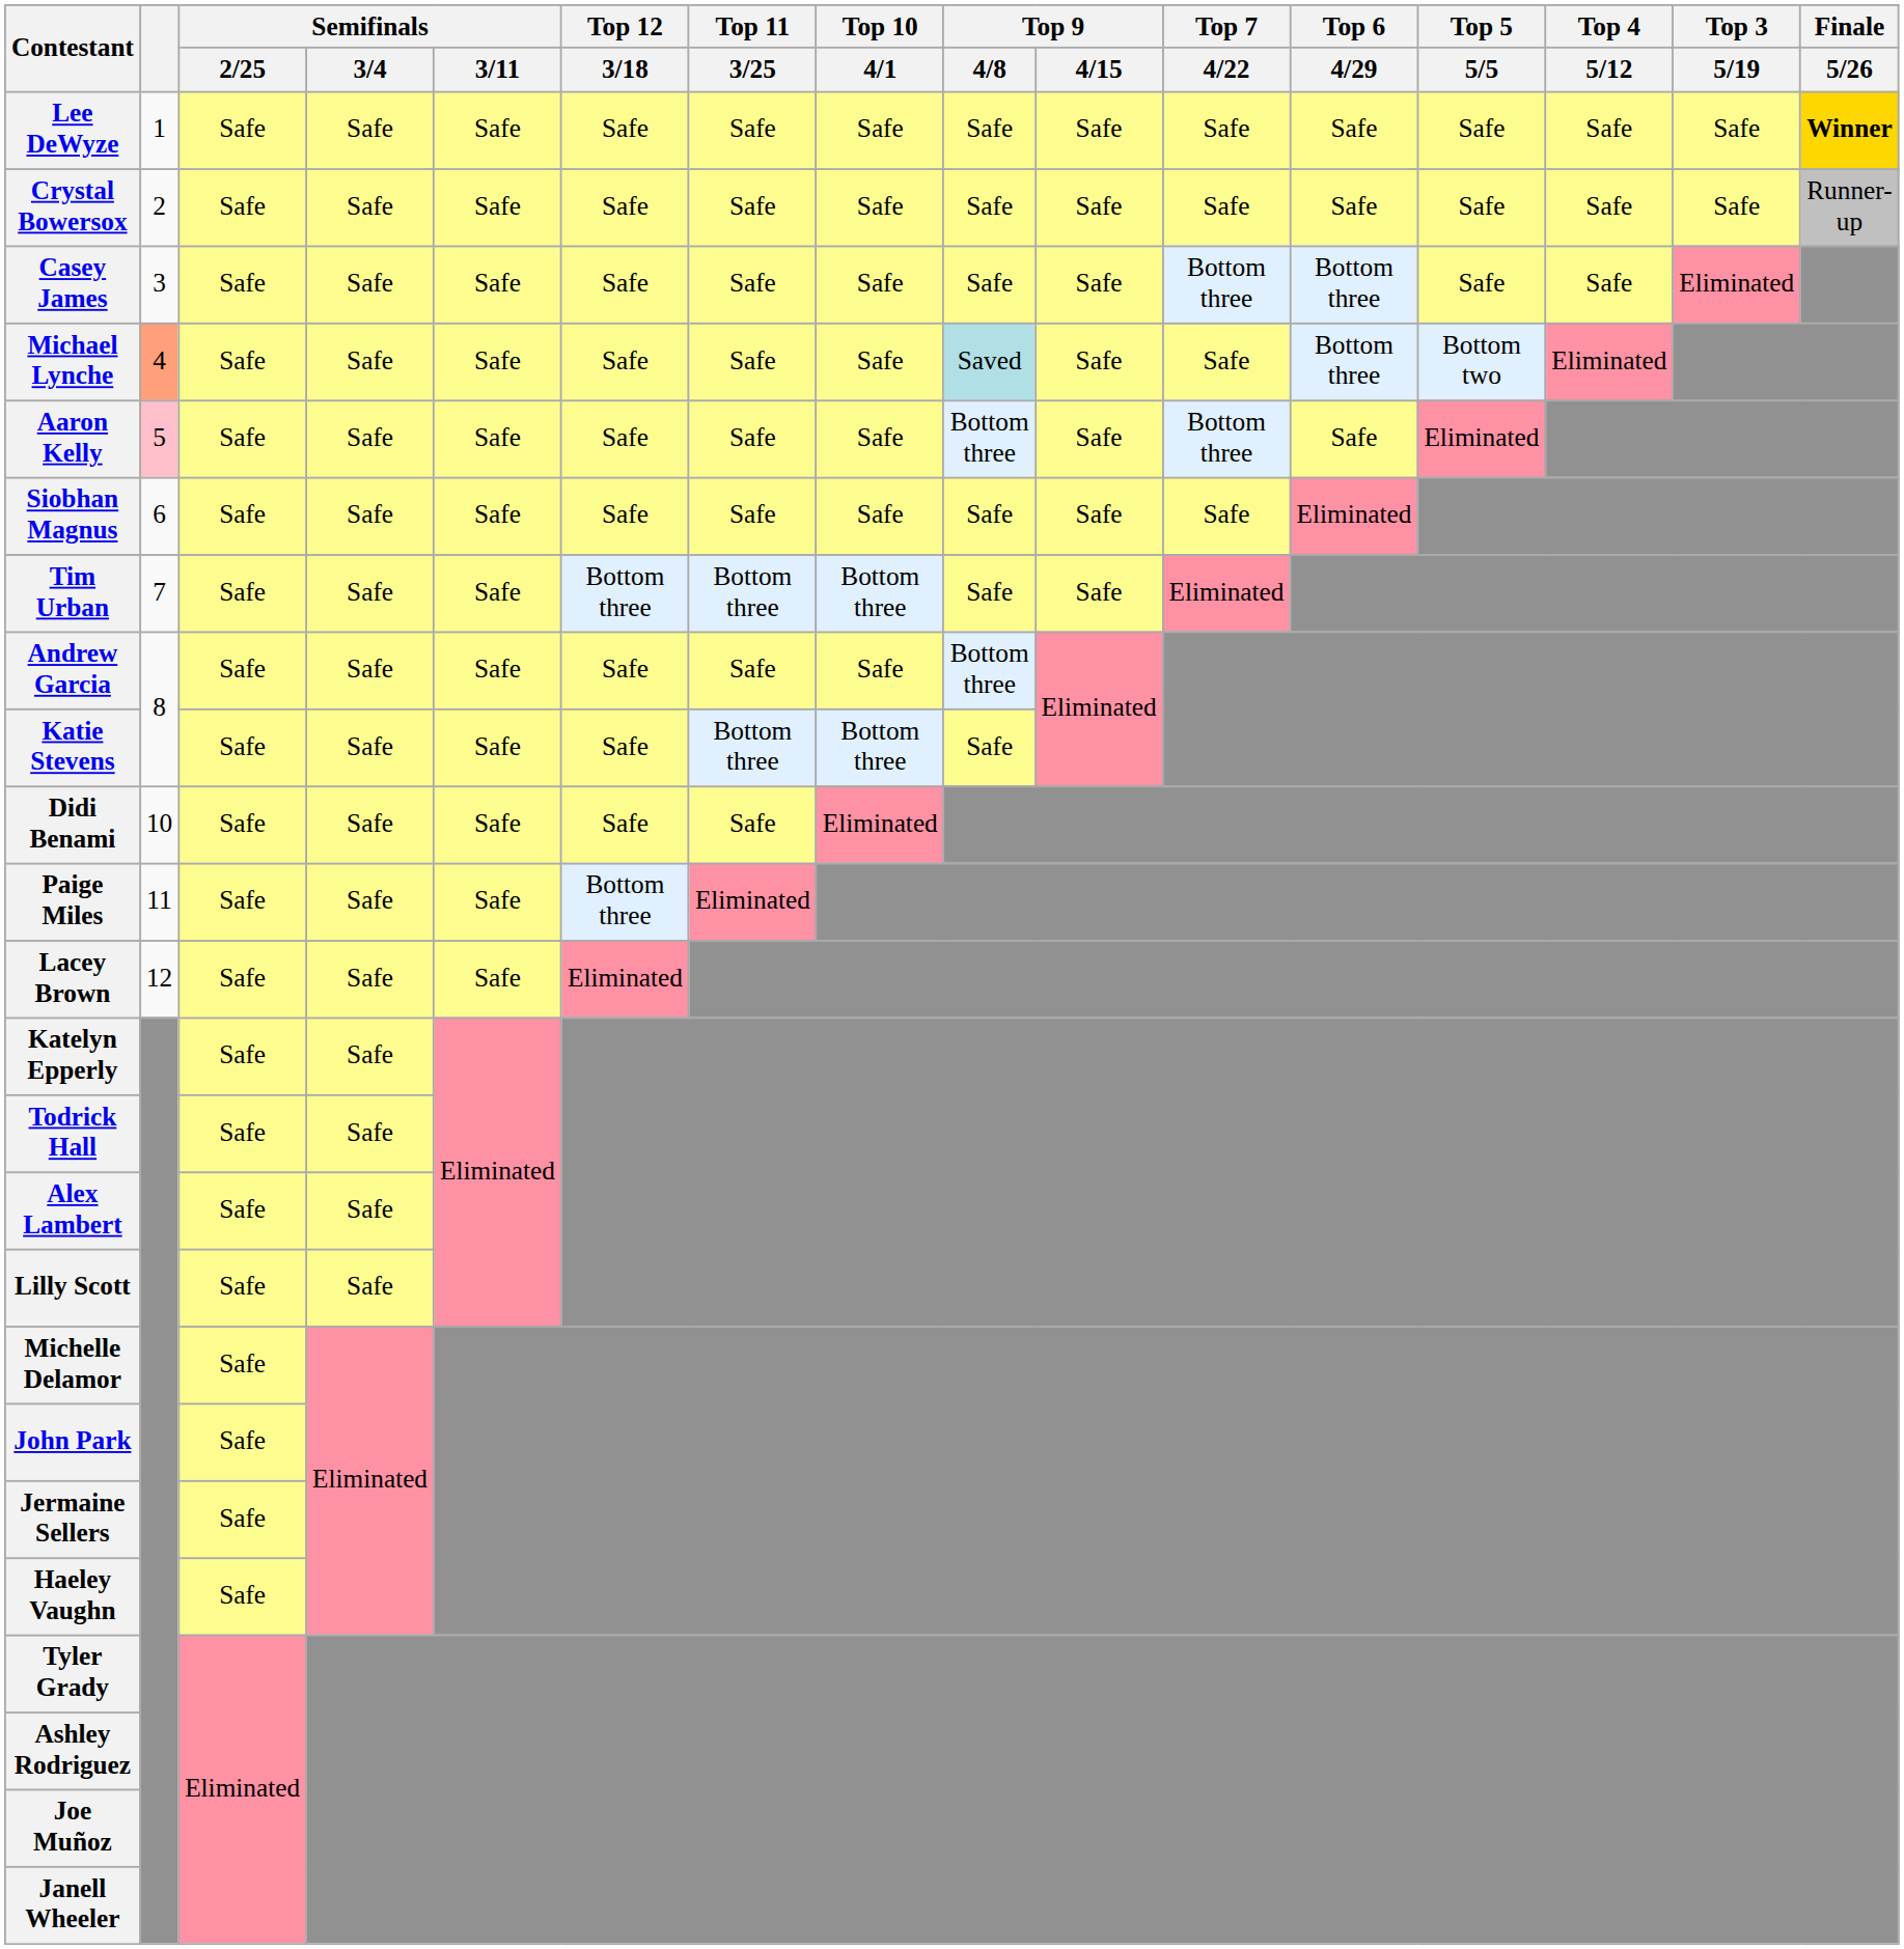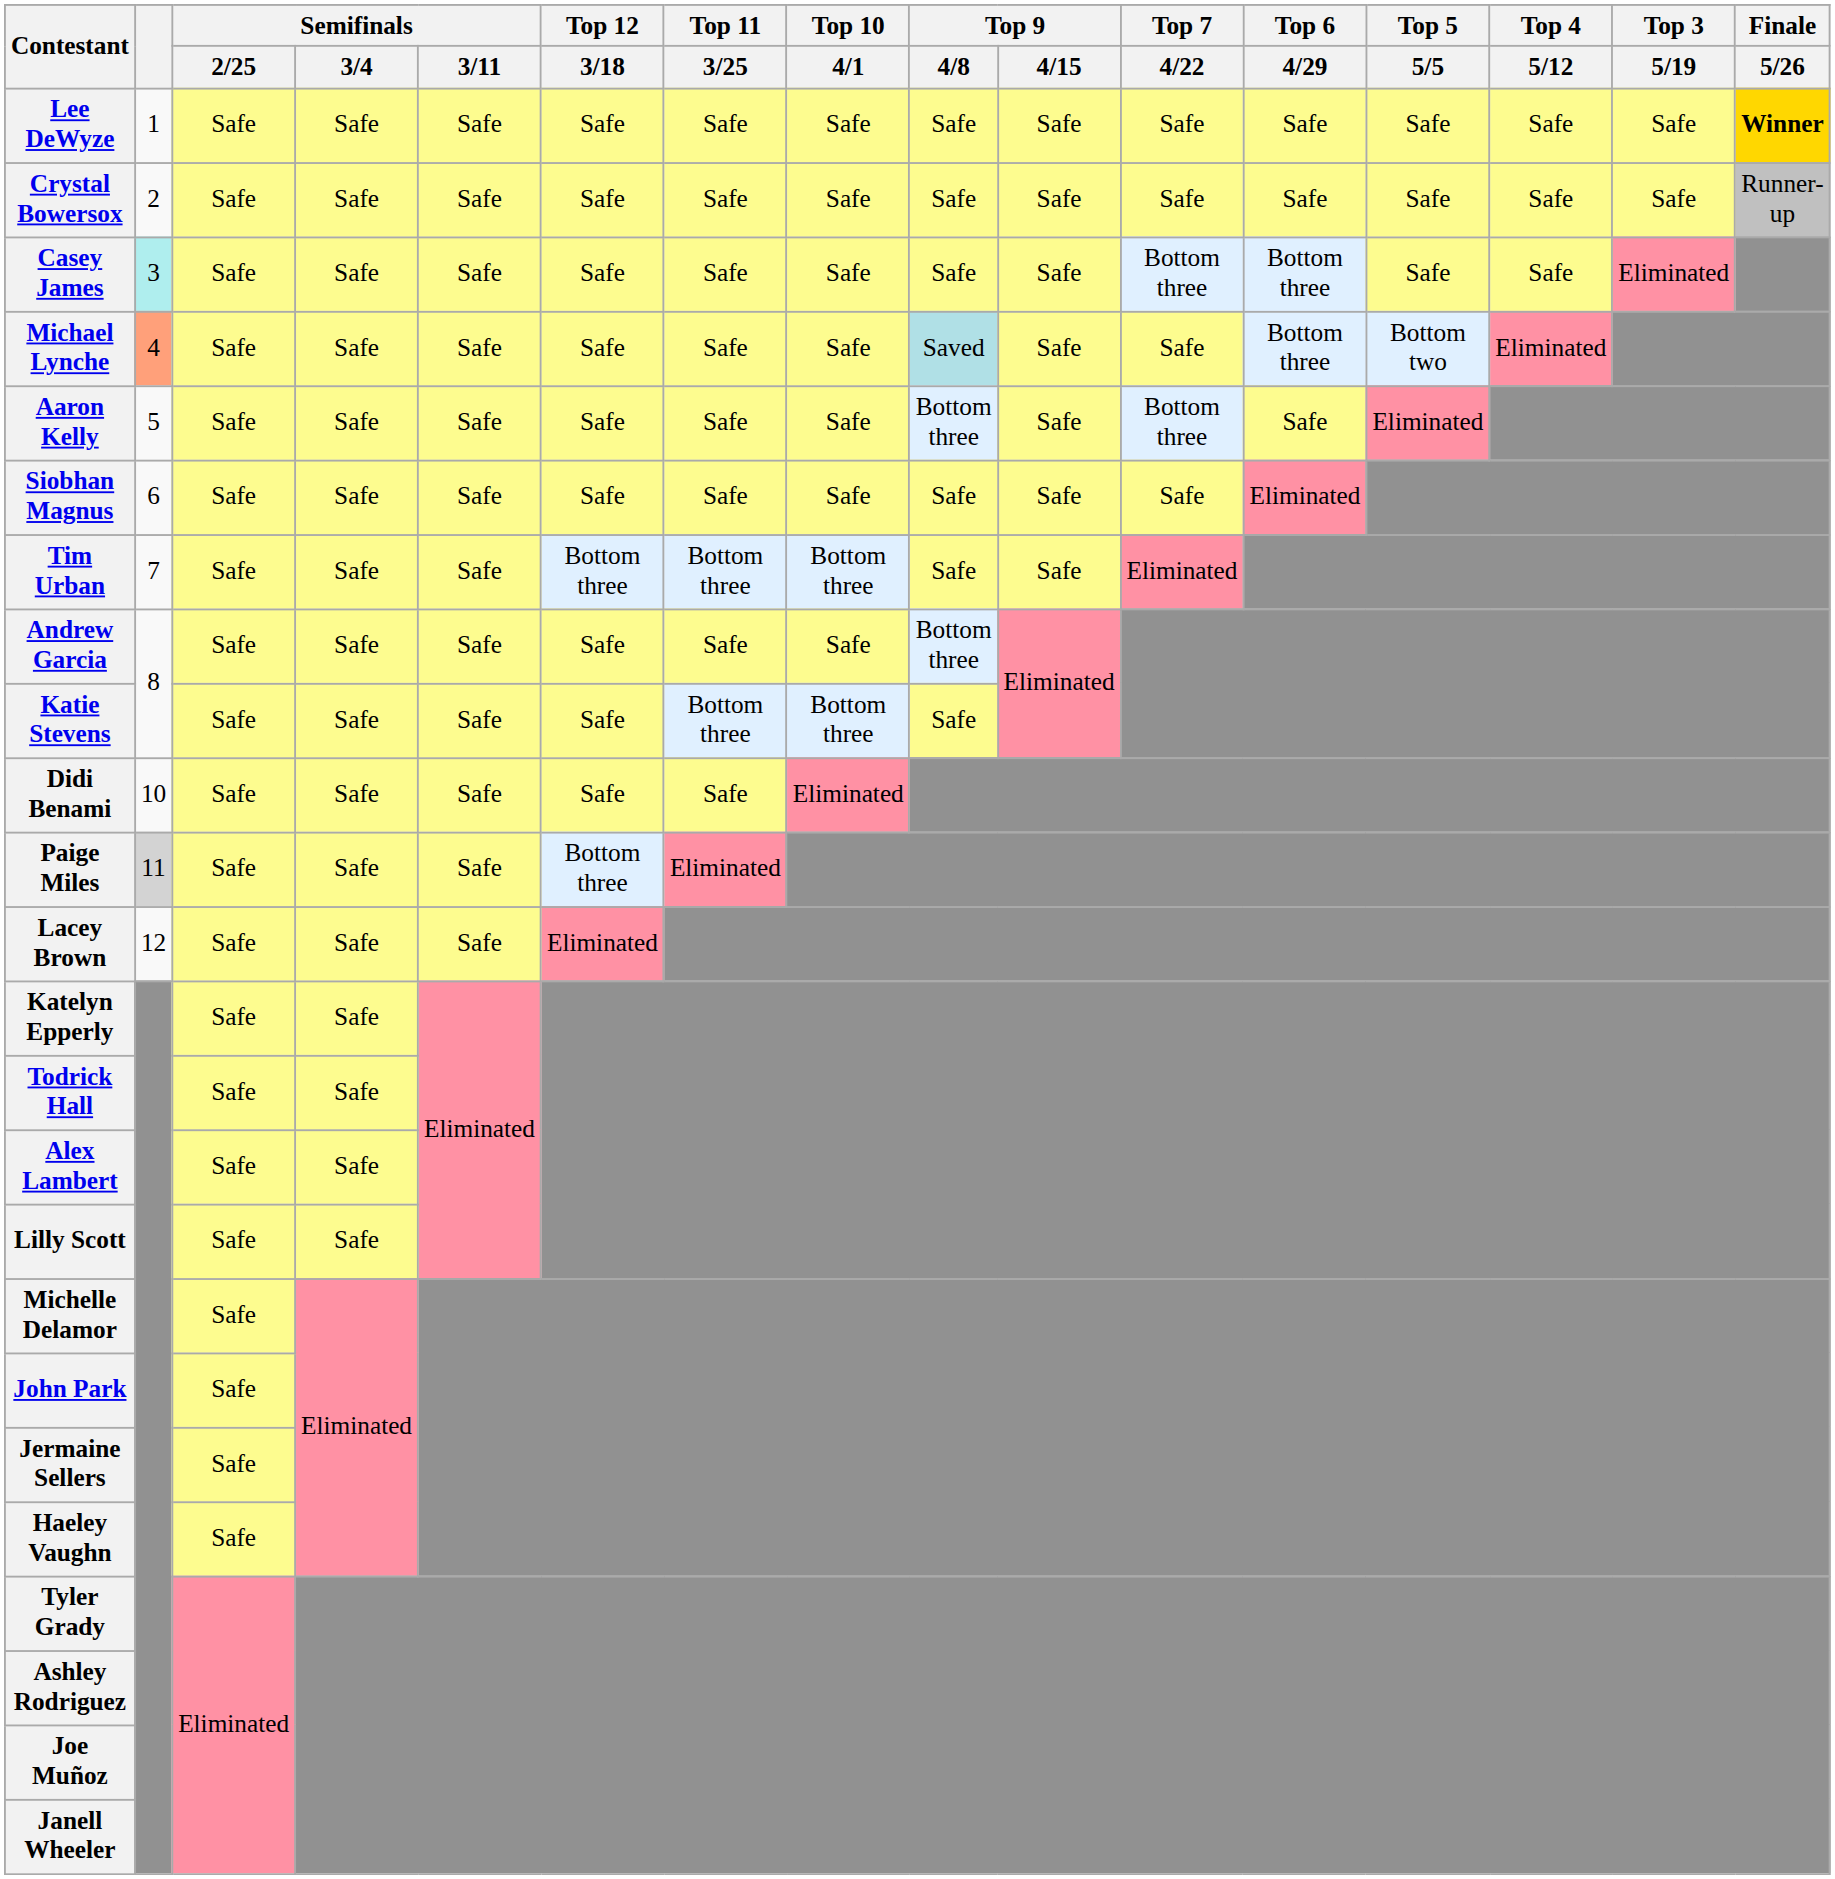 <table class="wikitable" style="text-align:center; font-size:85%;">
 <tr>
 <th scope="col" rowspan="2">Contestant</th>
 <th scope="col" rowspan="2"></th>
 <th scope="col" colspan=3 style="width:24%;">Semifinals</th>
 <th scope="col" style="width:7%;">Top 12</th>
 <th scope="col" style="width:7%;">Top 11</th>
 <th scope="col" style="width:7%;">Top 10</th>
 <th scope="col" colspan=2 style="width:7%;">Top 9</th>
 <th scope="col" style="width:7%;">Top 7</th>
 <th scope="col" style="width:7%;">Top 6</th>
 <th scope="col" style="width:7%;">Top 5</th>
 <th scope="col" style="width:7%;">Top 4</th>
 <th scope="col" style="width:7%;">Top 3</th>
 <th scope="col" style="width:7%;">Finale</th>
 </tr>
 <tr>
 <th>2/25</th>
 <th>3/4</th>
 <th>3/11</th>
 <th>3/18</th>
 <th>3/25</th>
 <th>4/1</th>
 <th>4/8</th>
 <th>4/15</th>
 <th>4/22</th>
 <th>4/29</th>
 <th>5/5</th>
 <th>5/12</th>
 <th>5/19</th>
 <th>5/26</th>
 </tr>
 <tr style="height:40px">
 <th scope="row"><a href='#'>Lee DeWyze</a></th>
 <td>1</td>
 <td style="background:#FDFC8F;">Safe</td>
 <td style="background:#FDFC8F;">Safe</td>
 <td style="background:#FDFC8F;">Safe</td>
 <td style="background:#FDFC8F;">Safe</td>
 <td style="background:#FDFC8F;">Safe</td>
 <td style="background:#FDFC8F;">Safe</td>
 <td style="background:#FDFC8F;">Safe</td>
 <td style="background:#FDFC8F;">Safe</td>
 <td style="background:#FDFC8F;">Safe</td>
 <td style="background:#FDFC8F;">Safe</td>
 <td style="background:#FDFC8F;">Safe</td>
 <td style="background:#FDFC8F;">Safe</td>
 <td style="background:#FDFC8F;">Safe</td>
 <td style="background:gold;"><strong>Winner</strong></td>
 </tr>
 <tr style="height:40px">
 <th scope="row"><a href='#'>Crystal Bowersox</a></th>
 <td>2</td>
 <td style="background:#FDFC8F;">Safe</td>
 <td style="background:#FDFC8F;">Safe</td>
 <td style="background:#FDFC8F;">Safe</td>
 <td style="background:#FDFC8F;">Safe</td>
 <td style="background:#FDFC8F;">Safe</td>
 <td style="background:#FDFC8F;">Safe</td>
 <td style="background:#FDFC8F;">Safe</td>
 <td style="background:#FDFC8F;">Safe</td>
 <td style="background:#FDFC8F;">Safe</td>
 <td style="background:#FDFC8F;">Safe</td>
 <td style="background:#FDFC8F;">Safe</td>
 <td style="background:#FDFC8F;">Safe</td>
 <td style="background:#FDFC8F;">Safe</td>
 <td style="background:silver;">Runner-up</td>
 </tr>
 <tr style="height:40px">
 <th scope="row"><a href='#'>Casey James</a></th>
-<td>3</td>
+<td style="background: paleturquoise;">3</td>
 <td style="background:#FDFC8F;">Safe</td>
 <td style="background:#FDFC8F;">Safe</td>
 <td style="background:#FDFC8F;">Safe</td>
 <td style="background:#FDFC8F;">Safe</td>
 <td style="background:#FDFC8F;">Safe</td>
 <td style="background:#FDFC8F;">Safe</td>
 <td style="background:#FDFC8F;">Safe</td>
 <td style="background:#FDFC8F;">Safe</td>
 <td style="background:#e0f0ff;">Bottom three</td>
 <td style="background:#e0f0ff;">Bottom three</td>
 <td style="background:#FDFC8F;">Safe</td>
 <td style="background:#FDFC8F;">Safe</td>
 <td style="background:#FF91A4">Eliminated</td>
 <td style="background:#919191"></td>
 </tr>
 <tr style="height:40px">
 <th scope="row"><a href='#'>Michael Lynche</a></th>
 <td style="background: lightsalmon;">4</td>
 <td style="background:#FDFC8F;">Safe</td>
 <td style="background:#FDFC8F;">Safe</td>
 <td style="background:#FDFC8F;">Safe</td>
 <td style="background:#FDFC8F;">Safe</td>
 <td style="background:#FDFC8F;">Safe</td>
 <td style="background:#FDFC8F;">Safe</td>
 <td style="background:#B0E0E6;">Saved</td>
 <td style="background:#FDFC8F;">Safe</td>
 <td style="background:#FDFC8F;">Safe</td>
 <td style="background:#e0f0ff;">Bottom three</td>
 <td style="background:#e0f0ff;">Bottom two</td>
 <td style="background:#FF91A4">Eliminated</td>
 <td colspan="2" style="background:#919191"></td>
 </tr>
 <tr style="height:40px">
 <th scope="row"><a href='#'>Aaron Kelly</a></th>
-<td style="background: pink;">5</td>
+<td>5</td>
 <td style="background:#FDFC8F;">Safe</td>
 <td style="background:#FDFC8F;">Safe</td>
 <td style="background:#FDFC8F;">Safe</td>
 <td style="background:#FDFC8F;">Safe</td>
 <td style="background:#FDFC8F;">Safe</td>
 <td style="background:#FDFC8F;">Safe</td>
 <td style="background:#e0f0ff;">Bottom three</td>
 <td style="background:#FDFC8F;">Safe</td>
 <td style="background:#e0f0ff;">Bottom three</td>
 <td style="background:#FDFC8F;">Safe</td>
 <td style="background:#FF91A4">Eliminated</td>
 <td colspan="3" style="background:#919191"></td>
 </tr>
 <tr style="height:40px">
 <th scope="row"><a href='#'>Siobhan Magnus</a></th>
 <td>6</td>
 <td style="background:#FDFC8F;">Safe</td>
 <td style="background:#FDFC8F;">Safe</td>
 <td style="background:#FDFC8F;">Safe</td>
 <td style="background:#FDFC8F;">Safe</td>
 <td style="background:#FDFC8F;">Safe</td>
 <td style="background:#FDFC8F;">Safe</td>
 <td style="background:#FDFC8F;">Safe</td>
 <td style="background:#FDFC8F;">Safe</td>
 <td style="background:#FDFC8F;">Safe</td>
 <td style="background:#FF91A4">Eliminated</td>
 <td colspan="4" style="background:#919191"></td>
 </tr>
 <tr style="height:40px">
 <th scope="row"><a href='#'>Tim Urban</a></th>
 <td>7</td>
 <td style="background:#FDFC8F;">Safe</td>
 <td style="background:#FDFC8F;">Safe</td>
 <td style="background:#FDFC8F;">Safe</td>
 <td style="background:#e0f0ff;">Bottom three</td>
 <td style="background:#e0f0ff;">Bottom three</td>
 <td style="background:#e0f0ff;">Bottom three</td>
 <td style="background:#FDFC8F;">Safe</td>
 <td style="background:#FDFC8F;">Safe</td>
 <td style="background:#FF91A4">Eliminated</td>
 <td colspan="5" style="background:#919191"></td>
 </tr>
 <tr style="height:40px">
 <th scope="row"><a href='#'>Andrew Garcia</a></th>
 <td rowspan="2">8</td>
 <td style="background:#FDFC8F;">Safe</td>
 <td style="background:#FDFC8F;">Safe</td>
 <td style="background:#FDFC8F;">Safe</td>
 <td style="background:#FDFC8F;">Safe</td>
 <td style="background:#FDFC8F;">Safe</td>
 <td style="background:#FDFC8F;">Safe</td>
 <td style="background:#e0f0ff;">Bottom three</td>
 <td rowspan=2 style="background:#FF91A4">Eliminated</td>
 <td colspan="6" rowspan="2" style="background:#919191"></td>
 </tr>
 <tr style="height:40px">
 <th scope="row"><a href='#'>Katie Stevens</a></th>
 <td style="background:#FDFC8F;">Safe</td>
 <td style="background:#FDFC8F;">Safe</td>
 <td style="background:#FDFC8F;">Safe</td>
 <td style="background:#FDFC8F;">Safe</td>
 <td style="background:#e0f0ff;">Bottom three</td>
 <td style="background:#e0f0ff;">Bottom three</td>
 <td style="background:#FDFC8F;">Safe</td>
 </tr>
 <tr style="height:40px">
 <th scope="row">Didi Benami</th>
 <td>10</td>
 <td style="background:#FDFC8F;">Safe</td>
 <td style="background:#FDFC8F;">Safe</td>
 <td style="background:#FDFC8F;">Safe</td>
 <td style="background:#FDFC8F;">Safe</td>
 <td style="background:#FDFC8F;">Safe</td>
 <td style="background:#FF91A4">Eliminated</td>
 <td colspan="8" style="background:#919191"></td>
 </tr>
 <tr style="height:40px">
 <th scope="row">Paige Miles</th>
-<td>11</td>
+<td style="background: lightgrey;">11</td>
 <td style="background:#FDFC8F;">Safe</td>
 <td style="background:#FDFC8F;">Safe</td>
 <td style="background:#FDFC8F;">Safe</td>
 <td style="background:#e0f0ff;">Bottom three</td>
 <td style="background:#FF91A4">Eliminated</td>
 <td colspan="9" style="background:#919191"></td>
 </tr>
 <tr style="height:40px">
 <th scope="row">Lacey Brown</th>
 <td>12</td>
 <td style="background:#FDFC8F;">Safe</td>
 <td style="background:#FDFC8F;">Safe</td>
 <td style="background:#FDFC8F;">Safe</td>
 <td style="background:#FF91A4">Eliminated</td>
 <td colspan="10" style="background:#919191"></td>
 </tr>
 <tr style="height:40px">
 <th scope="row">Katelyn Epperly</th>
 <td rowspan="12" bgcolor="919191"></td>
 <td style="background:#FDFC8F;">Safe</td>
 <td style="background:#FDFC8F;">Safe</td>
 <td rowspan=4 style="background:#FF91A4">Eliminated</td>
 <td colspan="11" rowspan="4" style="background:#919191"></td>
 </tr>
 <tr style="height:40px">
 <th scope="row"><a href='#'>Todrick Hall</a></th>
 <td style="background:#FDFC8F;">Safe</td>
 <td style="background:#FDFC8F;">Safe</td>
 </tr>
 <tr style="height:40px">
 <th scope="row"><a href='#'>Alex Lambert</a></th>
 <td style="background:#FDFC8F;">Safe</td>
 <td style="background:#FDFC8F;">Safe</td>
 </tr>
 <tr style="height:40px">
 <th scope="row">Lilly Scott</th>
 <td style="background:#FDFC8F;">Safe</td>
 <td style="background:#FDFC8F;">Safe</td>
 </tr>
 <tr style="height:40px">
 <th scope="row">Michelle Delamor</th>
 <td style="background:#FDFC8F;">Safe</td>
 <td rowspan=4 style="background:#FF91A4">Eliminated</td>
 <td colspan="12" rowspan="4" style="background:#919191"></td>
 </tr>
 <tr style="height:40px">
 <th scope="row"><a href='#'>John Park</a></th>
 <td style="background:#FDFC8F;">Safe</td>
 </tr>
 <tr style="height:40px">
 <th scope="row">Jermaine Sellers</th>
 <td style="background:#FDFC8F;">Safe</td>
 </tr>
 <tr style="height:40px">
 <th scope="row">Haeley Vaughn</th>
 <td style="background:#FDFC8F;">Safe</td>
 </tr>
 <tr style="height:40px">
 <th scope="row">Tyler Grady</th>
 <td rowspan=4 style="background:#FF91A4">Eliminated</td>
 <td colspan="13" rowspan="4" style="background:#919191"></td>
 </tr>
 <tr style="height:40px">
 <th scope="row">Ashley Rodriguez</th>
 </tr>
 <tr style="height:40px">
 <th scope="row">Joe Muñoz</th>
 </tr>
 <tr style="height:40px">
 <th scope="row">Janell Wheeler</th>
 </tr>
 </table>
